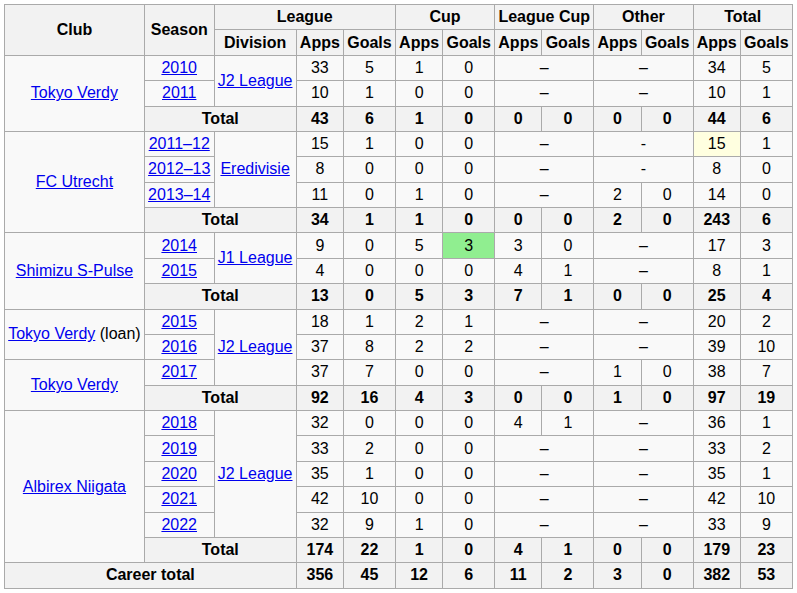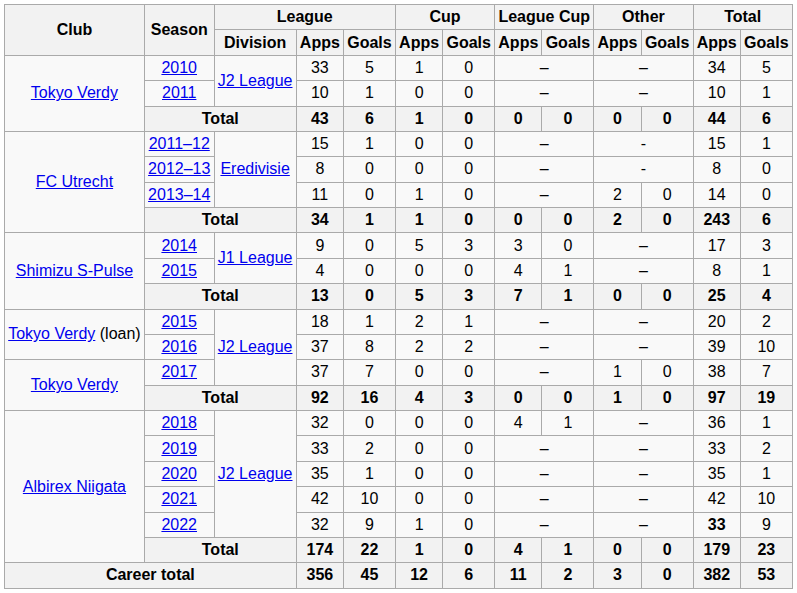 <table class="wikitable" style="text-align:center;">
 <tr>
 <th rowspan=2>Club</th>
 <th rowspan=2>Season</th>
 <th colspan=3>League</th>
 <th colspan=2>Cup</th>
 <th colspan=2>League Cup</th>
 <th colspan=2>Other</th>
 <th colspan=2>Total</th>
 </tr>
 <tr>
 <th>Division</th>
 <th>Apps</th>
 <th>Goals</th>
 <th>Apps</th>
 <th>Goals</th>
 <th>Apps</th>
 <th>Goals</th>
 <th>Apps</th>
 <th>Goals</th>
 <th>Apps</th>
 <th>Goals</th>
 </tr>
 <tr>
 <td rowspan="3"><a href='#'>Tokyo Verdy</a></td>
 <td><a href='#'>2010</a></td>
 <td rowspan="2"><a href='#'>J2 League</a></td>
 <td>33</td>
 <td>5</td>
 <td>1</td>
 <td>0</td>
 <td colspan="2">–</td>
 <td colspan="2">–</td>
 <td>34</td>
 <td>5</td>
 </tr>
 <tr>
 <td><a href='#'>2011</a></td>
 <td>10</td>
 <td>1</td>
 <td>0</td>
 <td>0</td>
 <td colspan="2">–</td>
 <td colspan="2">–</td>
 <td>10</td>
 <td>1</td>
 </tr>
 <tr>
 <th colspan="2">Total</th>
 <th>43</th>
 <th>6</th>
 <th>1</th>
 <th>0</th>
 <th>0</th>
 <th>0</th>
 <th>0</th>
 <th>0</th>
 <th>44</th>
 <th>6</th>
 </tr>
 <tr>
 <td rowspan="4"><a href='#'>FC Utrecht</a></td>
 <td><a href='#'>2011–12</a></td>
 <td rowspan="3"><a href='#'>Eredivisie</a></td>
 <td>15</td>
 <td>1</td>
 <td>0</td>
 <td>0</td>
 <td colspan="2">–</td>
 <td colspan="2">-</td>
-<td style="background: lightyellow;">15</td>
+<td>15</td>
 <td>1</td>
 </tr>
 <tr>
 <td><a href='#'>2012–13</a></td>
 <td>8</td>
 <td>0</td>
 <td>0</td>
 <td>0</td>
 <td colspan="2">–</td>
 <td colspan="2">-</td>
 <td>8</td>
 <td>0</td>
 </tr>
 <tr>
 <td><a href='#'>2013–14</a></td>
 <td>11</td>
 <td>0</td>
 <td>1</td>
 <td>0</td>
 <td colspan="2">–</td>
 <td>2</td>
 <td>0</td>
 <td>14</td>
 <td>0</td>
 </tr>
 <tr>
 <th colspan="2">Total</th>
 <th>34</th>
 <th>1</th>
 <th>1</th>
 <th>0</th>
 <th>0</th>
 <th>0</th>
 <th>2</th>
 <th>0</th>
 <th>243</th>
 <th>6</th>
 </tr>
 <tr>
 <td rowspan="3"><a href='#'>Shimizu S-Pulse</a></td>
 <td><a href='#'>2014</a></td>
 <td rowspan="2"><a href='#'>J1 League</a></td>
 <td>9</td>
 <td>0</td>
 <td>5</td>
-<td style="background: lightgreen;">3</td>
+<td>3</td>
 <td>3</td>
 <td>0</td>
 <td colspan="2">–</td>
 <td>17</td>
 <td>3</td>
 </tr>
 <tr>
 <td><a href='#'>2015</a></td>
 <td>4</td>
 <td>0</td>
 <td>0</td>
 <td>0</td>
 <td>4</td>
 <td>1</td>
 <td colspan="2">–</td>
 <td>8</td>
 <td>1</td>
 </tr>
 <tr>
 <th colspan="2">Total</th>
 <th>13</th>
 <th>0</th>
 <th>5</th>
 <th>3</th>
 <th>7</th>
 <th>1</th>
 <th>0</th>
 <th>0</th>
 <th>25</th>
 <th>4</th>
 </tr>
 <tr>
 <td rowspan="2"><a href='#'>Tokyo Verdy</a> (loan)</td>
 <td><a href='#'>2015</a></td>
 <td rowspan="3"><a href='#'>J2 League</a></td>
 <td>18</td>
 <td>1</td>
 <td>2</td>
 <td>1</td>
 <td colspan="2">–</td>
 <td colspan="2">–</td>
 <td>20</td>
 <td>2</td>
 </tr>
 <tr>
 <td><a href='#'>2016</a></td>
 <td>37</td>
 <td>8</td>
 <td>2</td>
 <td>2</td>
 <td colspan="2">–</td>
 <td colspan="2">–</td>
 <td>39</td>
 <td>10</td>
 </tr>
 <tr>
 <td rowspan="2"><a href='#'>Tokyo Verdy</a></td>
 <td><a href='#'>2017</a></td>
 <td>37</td>
 <td>7</td>
 <td>0</td>
 <td>0</td>
 <td colspan="2">–</td>
 <td>1</td>
 <td>0</td>
 <td>38</td>
 <td>7</td>
 </tr>
 <tr>
 <th colspan="2">Total</th>
 <th>92</th>
 <th>16</th>
 <th>4</th>
 <th>3</th>
 <th>0</th>
 <th>0</th>
 <th>1</th>
 <th>0</th>
 <th>97</th>
 <th>19</th>
 </tr>
 <tr>
 <td rowspan="6"><a href='#'>Albirex Niigata</a></td>
 <td><a href='#'>2018</a></td>
 <td rowspan="5"><a href='#'>J2 League</a></td>
 <td>32</td>
 <td>0</td>
 <td>0</td>
 <td>0</td>
 <td>4</td>
 <td>1</td>
 <td colspan="2">–</td>
 <td>36</td>
 <td>1</td>
 </tr>
 <tr>
 <td><a href='#'>2019</a></td>
 <td>33</td>
 <td>2</td>
 <td>0</td>
 <td>0</td>
 <td colspan="2">–</td>
 <td colspan="2">–</td>
 <td>33</td>
 <td>2</td>
 </tr>
 <tr>
 <td><a href='#'>2020</a></td>
 <td>35</td>
 <td>1</td>
 <td>0</td>
 <td>0</td>
 <td colspan="2">–</td>
 <td colspan="2">–</td>
 <td>35</td>
 <td>1</td>
 </tr>
 <tr>
 <td><a href='#'>2021</a></td>
 <td>42</td>
 <td>10</td>
 <td>0</td>
 <td>0</td>
 <td colspan="2">–</td>
 <td colspan="2">–</td>
 <td>42</td>
 <td>10</td>
 </tr>
 <tr>
 <td><a href='#'>2022</a></td>
 <td>32</td>
 <td>9</td>
 <td>1</td>
 <td>0</td>
 <td colspan="2">–</td>
 <td colspan="2">–</td>
-<td>33</td>
+<td><strong>33</strong></td>
 <td>9</td>
 </tr>
 <tr>
 <th colspan="2">Total</th>
 <th>174</th>
 <th>22</th>
 <th>1</th>
 <th>0</th>
 <th>4</th>
 <th>1</th>
 <th>0</th>
 <th>0</th>
 <th>179</th>
 <th>23</th>
 </tr>
 <tr>
 <th colspan=3>Career total</th>
 <th>356</th>
 <th>45</th>
 <th>12</th>
 <th>6</th>
 <th>11</th>
 <th>2</th>
 <th>3</th>
 <th>0</th>
 <th>382</th>
 <th>53</th>
 </tr>
 </table>
